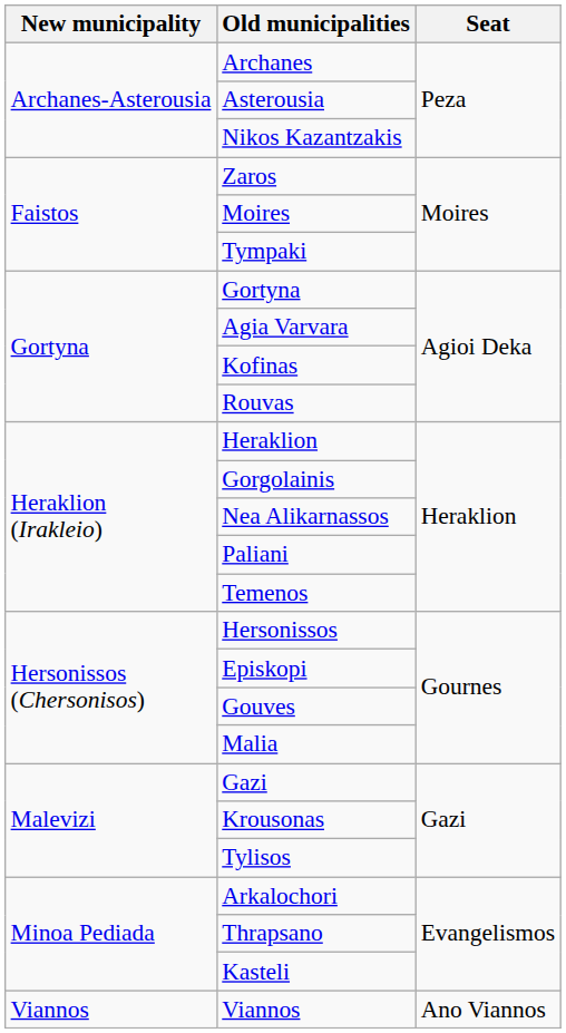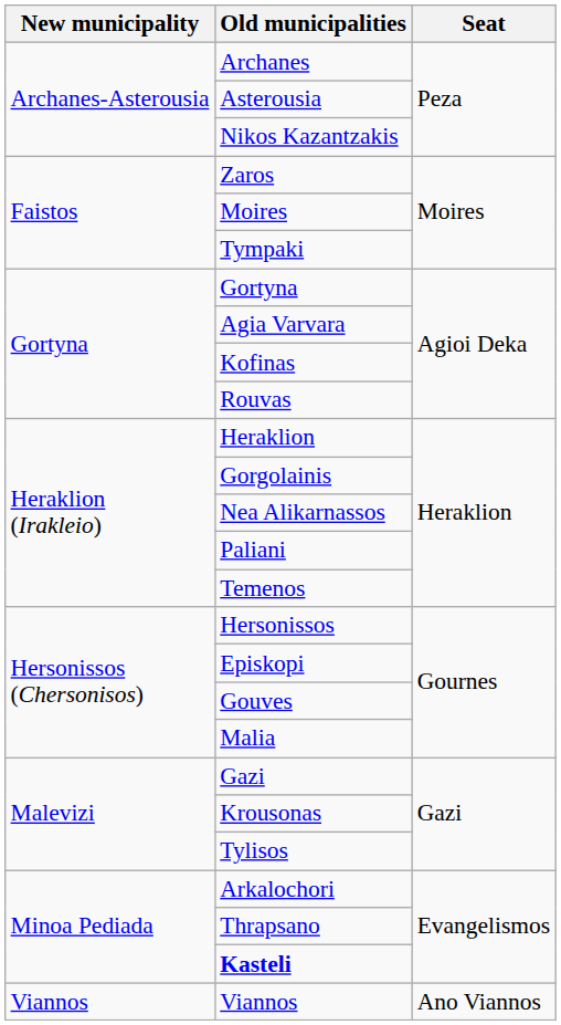 <table class="wikitable">
 <tr>
 <th>New municipality</th>
 <th>Old municipalities</th>
 <th>Seat</th>
 </tr>
 <tr>
 <td rowspan=3><a href='#'>Archanes-Asterousia</a></td>
 <td><a href='#'>Archanes</a></td>
 <td rowspan=3>Peza</td>
 </tr>
 <tr>
 <td><a href='#'>Asterousia</a></td>
 </tr>
 <tr>
 <td><a href='#'>Nikos Kazantzakis</a></td>
 </tr>
 <tr>
 <td rowspan=3><a href='#'>Faistos</a></td>
 <td><a href='#'>Zaros</a></td>
 <td rowspan=3>Moires</td>
 </tr>
 <tr>
 <td><a href='#'>Moires</a></td>
 </tr>
 <tr>
 <td><a href='#'>Tympaki</a></td>
 </tr>
 <tr>
 <td rowspan=4><a href='#'>Gortyna</a></td>
 <td><a href='#'>Gortyna</a></td>
 <td rowspan=4>Agioi Deka</td>
 </tr>
 <tr>
 <td><a href='#'>Agia Varvara</a></td>
 </tr>
 <tr>
 <td><a href='#'>Kofinas</a></td>
 </tr>
 <tr>
 <td><a href='#'>Rouvas</a></td>
 </tr>
 <tr>
 <td rowspan=5><a href='#'>Heraklion</a> <br>(<em>Irakleio</em>)</td>
 <td><a href='#'>Heraklion</a></td>
 <td rowspan=5>Heraklion</td>
 </tr>
 <tr>
 <td><a href='#'>Gorgolainis</a></td>
 </tr>
 <tr>
 <td><a href='#'>Nea Alikarnassos</a></td>
 </tr>
 <tr>
 <td><a href='#'>Paliani</a></td>
 </tr>
 <tr>
 <td><a href='#'>Temenos</a></td>
 </tr>
 <tr>
 <td rowspan=4><a href='#'>Hersonissos</a> <br>(<em>Chersonisos</em>)</td>
 <td><a href='#'>Hersonissos</a></td>
 <td rowspan=4>Gournes</td>
 </tr>
 <tr>
 <td><a href='#'>Episkopi</a></td>
 </tr>
 <tr>
 <td><a href='#'>Gouves</a></td>
 </tr>
 <tr>
 <td><a href='#'>Malia</a></td>
 </tr>
 <tr>
 <td rowspan=3><a href='#'>Malevizi</a></td>
 <td><a href='#'>Gazi</a></td>
 <td rowspan=3>Gazi</td>
 </tr>
 <tr>
 <td><a href='#'>Krousonas</a></td>
 </tr>
 <tr>
 <td><a href='#'>Tylisos</a></td>
 </tr>
 <tr>
 <td rowspan=3><a href='#'>Minoa Pediada</a></td>
 <td><a href='#'>Arkalochori</a></td>
 <td rowspan=3>Evangelismos</td>
 </tr>
 <tr>
 <td><a href='#'>Thrapsano</a></td>
 </tr>
 <tr>
-<td><a href='#'>Kasteli</a></td>
+<td><strong><a href='#'>Kasteli</a></strong></td>
 </tr>
 <tr>
 <td><a href='#'>Viannos</a></td>
 <td><a href='#'>Viannos</a></td>
 <td>Ano Viannos</td>
 </tr>
 </table>
